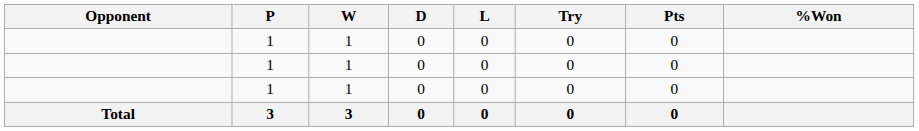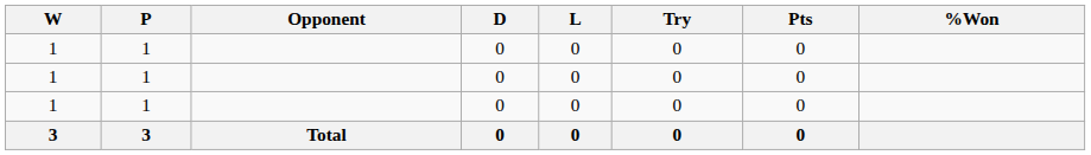 <table class="wikitable sortable" style="text-align:center;width:75%">
 <tr>
+<th abbr="Won" style="width:10px;">W</th>
+<th abbr="Played" style="width:15px;">P</th>
 <th style="width:25%;">Opponent</th>
-<th abbr="Played" style="width:15px;">P</th>
-<th abbr="Won" style="width:10px;">W</th>
 <th abbr="Drawn" style="width:10px;">D</th>
 <th abbr="Lost" style="width:10px;">L</th>
 <th abbr="Tries" style="width:15px;">Try</th>
 <th abbr="Points" style="width:18px;">Pts</th>
 <th abbr="Won" style="width:15px;">%Won</th>
 </tr>
 <tr>
-<td align="left"></td>
 <td>1</td>
 <td>1</td>
+<td align="left"></td>
 <td>0</td>
 <td>0</td>
 <td>0</td>
 <td>0</td>
 <td></td>
 </tr>
 <tr>
-<td align="left"></td>
 <td>1</td>
 <td>1</td>
+<td align="left"></td>
 <td>0</td>
 <td>0</td>
 <td>0</td>
 <td>0</td>
 <td></td>
 </tr>
 <tr>
-<td align="left"></td>
 <td>1</td>
 <td>1</td>
+<td align="left"></td>
 <td>0</td>
 <td>0</td>
 <td>0</td>
 <td>0</td>
 <td></td>
 </tr>
 <tr>
-<th>Total</th>
 <th>3</th>
 <th>3</th>
+<th>Total</th>
 <th>0</th>
 <th>0</th>
 <th>0</th>
 <th>0</th>
 <th></th>
 </tr>
 </table>
